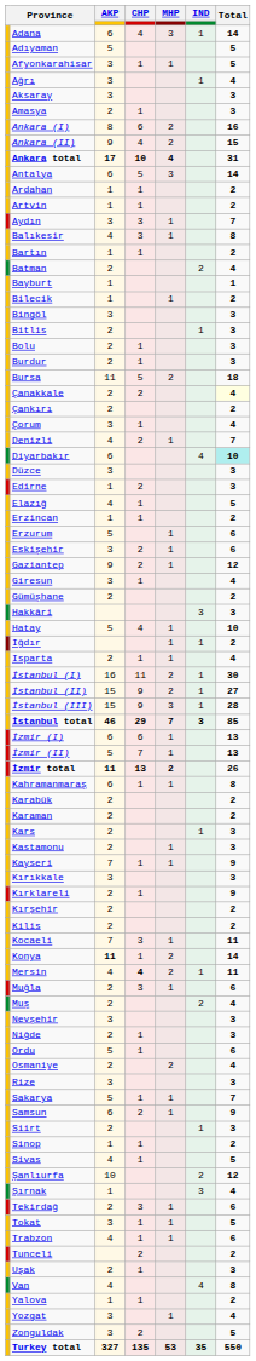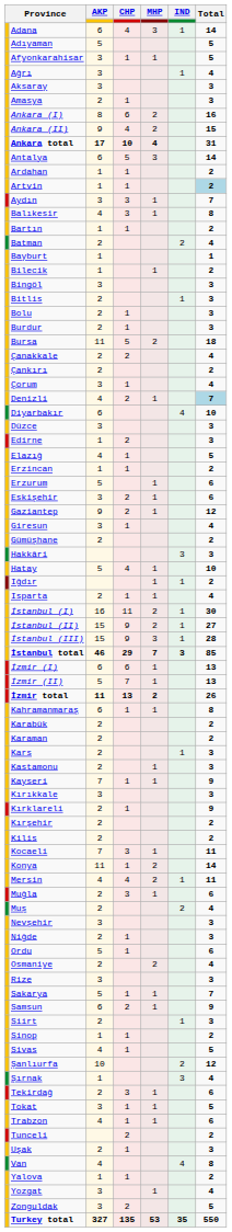 <table class="wikitable" style="text-align:center">
 <tr>
 <th rowspan="2" colspan="2" style="width: 70px;">Province</th>
 <th style="width: 35px;"><a href='#'>AKP</a></th>
 <th style="width: 35px;"><a href='#'>CHP</a></th>
 <th style="width: 35px;"><a href='#'>MHP</a></th>
 <th style="width: 35px;"><a href='#'>IND</a></th>
 <th rowspan="2">Total</th>
 </tr>
 <tr>
 <th style="background: #fdc400"></th>
 <th style="background: #d40000"></th>
 <th style="background: #870000"></th>
 <th style="background: #008A2E"></th>
 </tr>
 <tr>
 <td style="background: #fdc400"></td>
 <td style="text-align:left"><a href='#'>Adana</a></td>
 <td style="background:#FFF9E6;">6</td>
 <td style="background:#FBE6E6;">4</td>
 <td style="background:#F3E6E6;">3</td>
 <td style="background:#E6F3EA;">1</td>
 <td><strong>14</strong></td>
 </tr>
 <tr>
 <td style="background: #fdc400"></td>
 <td style="text-align:left"><a href='#'>Adıyaman</a></td>
 <td style="background:#FFF9E6;">5</td>
 <td style="background:#FBE6E6;"></td>
 <td style="background:#F3E6E6;"></td>
 <td style="background:#E6F3EA;"></td>
 <td><strong>5</strong></td>
 </tr>
 <tr>
 <td style="background: #fdc400"></td>
 <td style="text-align:left"><a href='#'>Afyonkarahisar</a></td>
 <td style="background:#FFF9E6;">3</td>
 <td style="background:#FBE6E6;">1</td>
 <td style="background:#F3E6E6;">1</td>
 <td style="background:#E6F3EA;"></td>
 <td><strong>5</strong></td>
 </tr>
 <tr>
 <td style="background: #fdc400"></td>
 <td style="text-align:left"><a href='#'>Ağrı</a></td>
 <td style="background:#FFF9E6;">3</td>
 <td style="background:#FBE6E6;"></td>
 <td style="background:#F3E6E6;"></td>
 <td style="background:#E6F3EA;">1</td>
 <td><strong>4</strong></td>
 </tr>
 <tr>
 <td style="background: #fdc400"></td>
 <td style="text-align:left"><a href='#'>Aksaray</a></td>
 <td style="background:#FFF9E6;">3</td>
 <td style="background:#FBE6E6;"></td>
 <td style="background:#F3E6E6;"></td>
 <td style="background:#E6F3EA;"></td>
 <td><strong>3</strong></td>
 </tr>
 <tr>
 <td style="background: #fdc400"></td>
 <td style="text-align:left"><a href='#'>Amasya</a></td>
 <td style="background:#FFF9E6;">2</td>
 <td style="background:#FBE6E6;">1</td>
 <td style="background:#F3E6E6;"></td>
 <td style="background:#E6F3EA;"></td>
 <td><strong>3</strong></td>
 </tr>
 <tr>
 <td style="background: #fdc400"></td>
 <td style="text-align:left"><em><a href='#'>Ankara (I)</a></em></td>
 <td style="background:#FFF9E6;">8</td>
 <td style="background:#FBE6E6;">6</td>
 <td style="background:#F3E6E6;">2</td>
 <td style="background:#E6F3EA;"></td>
 <td><strong>16</strong></td>
 </tr>
 <tr>
 <td style="background: #fdc400"></td>
 <td style="text-align:left"><em><a href='#'>Ankara (II)</a></em></td>
 <td style="background:#FFF9E6;">9</td>
 <td style="background:#FBE6E6;">4</td>
 <td style="background:#F3E6E6;">2</td>
 <td style="background:#E6F3EA;"></td>
 <td><strong>15</strong></td>
 </tr>
 <tr style="font-weight:bold">
 <td style="background: #fdc400"></td>
 <td style="text-align:left"><a href='#'>Ankara</a> total</td>
 <td style="background:#FFF9E6;">17</td>
 <td style="background:#FBE6E6;">10</td>
 <td style="background:#F3E6E6;">4</td>
 <td style="background:#E6F3EA;"></td>
 <td>31</td>
 </tr>
 <tr>
 <td style="background: #fdc400"></td>
 <td style="text-align:left"><a href='#'>Antalya</a></td>
 <td style="background:#FFF9E6;">6</td>
 <td style="background:#FBE6E6;">5</td>
 <td style="background:#F3E6E6;">3</td>
 <td style="background:#E6F3EA;"></td>
 <td><strong>14</strong></td>
 </tr>
 <tr>
 <td style="background: #fdc400"></td>
 <td style="text-align:left"><a href='#'>Ardahan</a></td>
 <td style="background:#FFF9E6;">1</td>
 <td style="background:#FBE6E6;">1</td>
 <td style="background:#F3E6E6;"></td>
 <td style="background:#E6F3EA;"></td>
 <td><strong>2</strong></td>
 </tr>
 <tr>
 <td style="background: #fdc400"></td>
 <td style="text-align:left"><a href='#'>Artvin</a></td>
 <td style="background:#FFF9E6;">1</td>
 <td style="background:#FBE6E6;">1</td>
 <td style="background:#F3E6E6;"></td>
 <td style="background:#E6F3EA;"></td>
-<td><strong>2</strong></td>
+<td style="background: lightblue;"><strong>2</strong></td>
 </tr>
 <tr>
 <td style="background: #d40000"></td>
 <td style="text-align:left"><a href='#'>Aydın</a></td>
 <td style="background:#FFF9E6;">3</td>
 <td style="background:#FBE6E6;">3</td>
 <td style="background:#F3E6E6;">1</td>
 <td style="background:#E6F3EA;"></td>
 <td><strong>7</strong></td>
 </tr>
 <tr>
 <td style="background: #fdc400"></td>
 <td style="text-align:left"><a href='#'>Balıkesir</a></td>
 <td style="background:#FFF9E6;">4</td>
 <td style="background:#FBE6E6;">3</td>
 <td style="background:#F3E6E6;">1</td>
 <td style="background:#E6F3EA;"></td>
 <td><strong>8</strong></td>
 </tr>
 <tr>
 <td style="background: #fdc400"></td>
 <td style="text-align:left"><a href='#'>Bartın</a></td>
 <td style="background:#FFF9E6;">1</td>
 <td style="background:#FBE6E6;">1</td>
 <td style="background:#F3E6E6;"></td>
 <td style="background:#E6F3EA;"></td>
 <td><strong>2</strong></td>
 </tr>
 <tr>
 <td style="background: #008A2E"></td>
 <td style="text-align:left"><a href='#'>Batman</a></td>
 <td style="background:#FFF9E6;">2</td>
 <td style="background:#FBE6E6;"></td>
 <td style="background:#F3E6E6;"></td>
 <td style="background:#E6F3EA;">2</td>
 <td><strong>4</strong></td>
 </tr>
 <tr>
 <td style="background: #fdc400"></td>
 <td style="text-align:left"><a href='#'>Bayburt</a></td>
 <td style="background:#FFF9E6;">1</td>
 <td style="background:#FBE6E6;"></td>
 <td style="background:#F3E6E6;"></td>
 <td style="background:#E6F3EA;"></td>
 <td><strong>1</strong></td>
 </tr>
 <tr>
 <td style="background: #fdc400"></td>
 <td style="text-align:left"><a href='#'>Bilecik</a></td>
 <td style="background:#FFF9E6;">1</td>
 <td style="background:#FBE6E6;"></td>
 <td style="background:#F3E6E6;">1</td>
 <td style="background:#E6F3EA;"></td>
 <td><strong>2</strong></td>
 </tr>
 <tr>
 <td style="background: #fdc400"></td>
 <td style="text-align:left"><a href='#'>Bingöl</a></td>
 <td style="background:#FFF9E6;">3</td>
 <td style="background:#FBE6E6;"></td>
 <td style="background:#F3E6E6;"></td>
 <td style="background:#E6F3EA;"></td>
 <td><strong>3</strong></td>
 </tr>
 <tr>
 <td style="background: #fdc400"></td>
 <td style="text-align:left"><a href='#'>Bitlis</a></td>
 <td style="background:#FFF9E6;">2</td>
 <td style="background:#FBE6E6;"></td>
 <td style="background:#F3E6E6;"></td>
 <td style="background:#E6F3EA;">1</td>
 <td><strong>3</strong></td>
 </tr>
 <tr>
 <td style="background: #fdc400"></td>
 <td style="text-align:left"><a href='#'>Bolu</a></td>
 <td style="background:#FFF9E6;">2</td>
 <td style="background:#FBE6E6;">1</td>
 <td style="background:#F3E6E6;"></td>
 <td style="background:#E6F3EA;"></td>
 <td><strong>3</strong></td>
 </tr>
 <tr>
 <td style="background: #fdc400"></td>
 <td style="text-align:left"><a href='#'>Burdur</a></td>
 <td style="background:#FFF9E6;">2</td>
 <td style="background:#FBE6E6;">1</td>
 <td style="background:#F3E6E6;"></td>
 <td style="background:#E6F3EA;"></td>
 <td><strong>3</strong></td>
 </tr>
 <tr>
 <td style="background: #fdc400"></td>
 <td style="text-align:left"><a href='#'>Bursa</a></td>
 <td style="background:#FFF9E6;">11</td>
 <td style="background:#FBE6E6;">5</td>
 <td style="background:#F3E6E6;">2</td>
 <td style="background:#E6F3EA;"></td>
 <td><strong>18</strong></td>
 </tr>
 <tr>
 <td style="background: #fdc400"></td>
 <td style="text-align:left"><a href='#'>Çanakkale</a></td>
 <td style="background:#FFF9E6;">2</td>
 <td style="background:#FBE6E6;">2</td>
 <td style="background:#F3E6E6;"></td>
 <td style="background:#E6F3EA;"></td>
-<td style="background: lightyellow;"><strong>4</strong></td>
+<td><strong>4</strong></td>
 </tr>
 <tr>
 <td style="background: #fdc400"></td>
 <td style="text-align:left"><a href='#'>Çankırı</a></td>
 <td style="background:#FFF9E6;">2</td>
 <td style="background:#FBE6E6;"></td>
 <td style="background:#F3E6E6;"></td>
 <td style="background:#E6F3EA;"></td>
 <td><strong>2</strong></td>
 </tr>
 <tr>
 <td style="background: #fdc400"></td>
 <td style="text-align:left"><a href='#'>Çorum</a></td>
 <td style="background:#FFF9E6;">3</td>
 <td style="background:#FBE6E6;">1</td>
 <td style="background:#F3E6E6;"></td>
 <td style="background:#E6F3EA;"></td>
 <td><strong>4</strong></td>
 </tr>
 <tr>
 <td style="background: #fdc400"></td>
 <td style="text-align:left"><a href='#'>Denizli</a></td>
 <td style="background:#FFF9E6;">4</td>
 <td style="background:#FBE6E6;">2</td>
 <td style="background:#F3E6E6;">1</td>
 <td style="background:#E6F3EA;"></td>
-<td><strong>7</strong></td>
+<td style="background: lightblue;"><strong>7</strong></td>
 </tr>
 <tr>
 <td style="background: #008A2E"></td>
 <td style="text-align:left"><a href='#'>Diyarbakır</a></td>
 <td style="background:#FFF9E6;">6</td>
 <td style="background:#FBE6E6;"></td>
 <td style="background:#F3E6E6;"></td>
 <td style="background:#E6F3EA;">4</td>
-<td style="background: paleturquoise;"><strong>10</strong></td>
+<td><strong>10</strong></td>
 </tr>
 <tr>
 <td style="background: #fdc400"></td>
 <td style="text-align:left"><a href='#'>Düzce</a></td>
 <td style="background:#FFF9E6;">3</td>
 <td style="background:#FBE6E6;"></td>
 <td style="background:#F3E6E6;"></td>
 <td style="background:#E6F3EA;"></td>
 <td><strong>3</strong></td>
 </tr>
 <tr>
 <td style="background: #d40000"></td>
 <td style="text-align:left"><a href='#'>Edirne</a></td>
 <td style="background:#FFF9E6;">1</td>
 <td style="background:#FBE6E6;">2</td>
 <td style="background:#F3E6E6;"></td>
 <td style="background:#E6F3EA;"></td>
 <td><strong>3</strong></td>
 </tr>
 <tr>
 <td style="background: #fdc400"></td>
 <td style="text-align:left"><a href='#'>Elazığ</a></td>
 <td style="background:#FFF9E6;">4</td>
 <td style="background:#FBE6E6;">1</td>
 <td style="background:#F3E6E6;"></td>
 <td style="background:#E6F3EA;"></td>
 <td><strong>5</strong></td>
 </tr>
 <tr>
 <td style="background: #fdc400"></td>
 <td style="text-align:left"><a href='#'>Erzincan</a></td>
 <td style="background:#FFF9E6;">1</td>
 <td style="background:#FBE6E6;">1</td>
 <td style="background:#F3E6E6;"></td>
 <td style="background:#E6F3EA;"></td>
 <td><strong>2</strong></td>
 </tr>
 <tr>
 <td style="background: #fdc400"></td>
 <td style="text-align:left"><a href='#'>Erzurum</a></td>
 <td style="background:#FFF9E6;">5</td>
 <td style="background:#FBE6E6;"></td>
 <td style="background:#F3E6E6;">1</td>
 <td style="background:#E6F3EA;"></td>
 <td><strong>6</strong></td>
 </tr>
 <tr>
 <td style="background: #fdc400"></td>
 <td style="text-align:left"><a href='#'>Eskişehir</a></td>
 <td style="background:#FFF9E6;">3</td>
 <td style="background:#FBE6E6;">2</td>
 <td style="background:#F3E6E6;">1</td>
 <td style="background:#E6F3EA;"></td>
 <td><strong>6</strong></td>
 </tr>
 <tr>
 <td style="background: #fdc400"></td>
 <td style="text-align:left"><a href='#'>Gaziantep</a></td>
 <td style="background:#FFF9E6;">9</td>
 <td style="background:#FBE6E6;">2</td>
 <td style="background:#F3E6E6;">1</td>
 <td style="background:#E6F3EA;"></td>
 <td><strong>12</strong></td>
 </tr>
 <tr>
 <td style="background: #fdc400"></td>
 <td style="text-align:left"><a href='#'>Giresun</a></td>
 <td style="background:#FFF9E6;">3</td>
 <td style="background:#FBE6E6;">1</td>
 <td style="background:#F3E6E6;"></td>
 <td style="background:#E6F3EA;"></td>
 <td><strong>4</strong></td>
 </tr>
 <tr>
 <td style="background: #fdc400"></td>
 <td style="text-align:left"><a href='#'>Gümüşhane</a></td>
 <td style="background:#FFF9E6;">2</td>
 <td style="background:#FBE6E6;"></td>
 <td style="background:#F3E6E6;"></td>
 <td style="background:#E6F3EA;"></td>
 <td><strong>2</strong></td>
 </tr>
 <tr>
 <td style="background: #008A2E"></td>
 <td style="text-align:left"><a href='#'>Hakkâri</a></td>
 <td style="background:#FFF9E6;"></td>
 <td style="background:#FBE6E6;"></td>
 <td style="background:#F3E6E6;"></td>
 <td style="background:#E6F3EA;">3</td>
 <td><strong>3</strong></td>
 </tr>
 <tr>
 <td style="background: #fdc400"></td>
 <td style="text-align:left"><a href='#'>Hatay</a></td>
 <td style="background:#FFF9E6;">5</td>
 <td style="background:#FBE6E6;">4</td>
 <td style="background:#F3E6E6;">1</td>
 <td style="background:#E6F3EA;"></td>
 <td><strong>10</strong></td>
 </tr>
 <tr>
 <td style="background: #870000"></td>
 <td style="text-align:left"><a href='#'>Iğdır</a></td>
 <td style="background:#FFF9E6;"></td>
 <td style="background:#FBE6E6;"></td>
 <td style="background:#F3E6E6;">1</td>
 <td style="background:#E6F3EA;">1</td>
 <td><strong>2</strong></td>
 </tr>
 <tr>
 <td style="background: #fdc400"></td>
 <td style="text-align:left"><a href='#'>Isparta</a></td>
 <td style="background:#FFF9E6;">2</td>
 <td style="background:#FBE6E6;">1</td>
 <td style="background:#F3E6E6;">1</td>
 <td style="background:#E6F3EA;"></td>
 <td><strong>4</strong></td>
 </tr>
 <tr>
 <td style="background: #fdc400"></td>
 <td style="text-align:left"><em><a href='#'>İstanbul (I)</a></em></td>
 <td style="background:#FFF9E6;">16</td>
 <td style="background:#FBE6E6;">11</td>
 <td style="background:#F3E6E6;">2</td>
 <td style="background:#E6F3EA;">1</td>
 <td><strong>30</strong></td>
 </tr>
 <tr>
 <td style="background: #fdc400"></td>
 <td style="text-align:left"><em><a href='#'>İstanbul (II)</a></em></td>
 <td style="background:#FFF9E6;">15</td>
 <td style="background:#FBE6E6;">9</td>
 <td style="background:#F3E6E6;">2</td>
 <td style="background:#E6F3EA;">1</td>
 <td><strong>27</strong></td>
 </tr>
 <tr>
 <td style="background: #fdc400"></td>
 <td style="text-align:left"><em><a href='#'>İstanbul (III)</a></em></td>
 <td style="background:#FFF9E6;">15</td>
 <td style="background:#FBE6E6;">9</td>
 <td style="background:#F3E6E6;">3</td>
 <td style="background:#E6F3EA;">1</td>
 <td><strong>28</strong></td>
 </tr>
 <tr style="font-weight:bold">
 <td style="background: #fdc400"></td>
 <td style="text-align:left"><a href='#'>İstanbul</a> total</td>
 <td style="background:#FFF9E6;">46</td>
 <td style="background:#FBE6E6;">29</td>
 <td style="background:#F3E6E6;">7</td>
 <td style="background:#E6F3EA;">3</td>
 <td>85</td>
 </tr>
 <tr>
 <td style="background: #d40000"></td>
 <td style="text-align:left"><em><a href='#'>İzmir (I)</a></em></td>
 <td style="background:#FFF9E6;">6</td>
 <td style="background:#FBE6E6;">6</td>
 <td style="background:#F3E6E6;">1</td>
 <td style="background:#E6F3EA;"></td>
 <td><strong>13</strong></td>
 </tr>
 <tr>
 <td style="background: #d40000"></td>
 <td style="text-align:left"><em><a href='#'>İzmir (II)</a></em></td>
 <td style="background:#FFF9E6;">5</td>
 <td style="background:#FBE6E6;">7</td>
 <td style="background:#F3E6E6;">1</td>
 <td style="background:#E6F3EA;"></td>
 <td><strong>13</strong></td>
 </tr>
 <tr style="font-weight:bold">
 <td style="background: #d40000"></td>
 <td style="text-align:left"><a href='#'>İzmir</a> total</td>
 <td style="background:#FFF9E6;">11</td>
 <td style="background:#FBE6E6;">13</td>
 <td style="background:#F3E6E6;">2</td>
 <td style="background:#E6F3EA;"></td>
 <td>26</td>
 </tr>
 <tr>
 <td style="background: #fdc400"></td>
 <td style="text-align:left"><a href='#'>Kahramanmaraş</a></td>
 <td style="background:#FFF9E6;">6</td>
 <td style="background:#FBE6E6;">1</td>
 <td style="background:#F3E6E6;">1</td>
 <td style="background:#E6F3EA;"></td>
 <td><strong>8</strong></td>
 </tr>
 <tr>
 <td style="background: #fdc400"></td>
 <td style="text-align:left"><a href='#'>Karabük</a></td>
 <td style="background:#FFF9E6;">2</td>
 <td style="background:#FBE6E6;"></td>
 <td style="background:#F3E6E6;"></td>
 <td style="background:#E6F3EA;"></td>
 <td><strong>2</strong></td>
 </tr>
 <tr>
 <td style="background: #fdc400"></td>
 <td style="text-align:left"><a href='#'>Karaman</a></td>
 <td style="background:#FFF9E6;">2</td>
 <td style="background:#FBE6E6;"></td>
 <td style="background:#F3E6E6;"></td>
 <td style="background:#E6F3EA;"></td>
 <td><strong>2</strong></td>
 </tr>
 <tr>
 <td style="background: #fdc400"></td>
 <td style="text-align:left"><a href='#'>Kars</a></td>
 <td style="background:#FFF9E6;">2</td>
 <td style="background:#FBE6E6;"></td>
 <td style="background:#F3E6E6;"></td>
 <td style="background:#E6F3EA;">1</td>
 <td><strong>3</strong></td>
 </tr>
 <tr>
 <td style="background: #fdc400"></td>
 <td style="text-align:left"><a href='#'>Kastamonu</a></td>
 <td style="background:#FFF9E6;">2</td>
 <td style="background:#FBE6E6;"></td>
 <td style="background:#F3E6E6;">1</td>
 <td style="background:#E6F3EA;"></td>
 <td><strong>3</strong></td>
 </tr>
 <tr>
 <td style="background: #fdc400"></td>
 <td style="text-align:left"><a href='#'>Kayseri</a></td>
 <td style="background:#FFF9E6;">7</td>
 <td style="background:#FBE6E6;">1</td>
 <td style="background:#F3E6E6;">1</td>
 <td style="background:#E6F3EA;"></td>
 <td><strong>9</strong></td>
 </tr>
 <tr>
 <td style="background: #fdc400"></td>
 <td style="text-align:left"><a href='#'>Kırıkkale</a></td>
 <td style="background:#FFF9E6;">3</td>
 <td style="background:#FBE6E6;"></td>
 <td style="background:#F3E6E6;"></td>
 <td style="background:#E6F3EA;"></td>
 <td><strong>3</strong></td>
 </tr>
 <tr>
 <td style="background: #d40000"></td>
 <td style="text-align:left"><a href='#'>Kırklareli</a></td>
 <td style="background:#FFF9E6;">2</td>
 <td style="background:#FBE6E6;">1</td>
 <td style="background:#F3E6E6;"></td>
 <td style="background:#E6F3EA;"></td>
 <td><strong>9</strong></td>
 </tr>
 <tr>
 <td style="background: #fdc400"></td>
 <td style="text-align:left"><a href='#'>Kırşehir</a></td>
 <td style="background:#FFF9E6;">2</td>
 <td style="background:#FBE6E6;"></td>
 <td style="background:#F3E6E6;"></td>
 <td style="background:#E6F3EA;"></td>
 <td><strong>2</strong></td>
 </tr>
 <tr>
 <td style="background: #fdc400"></td>
 <td style="text-align:left"><a href='#'>Kilis</a></td>
 <td style="background:#FFF9E6;">2</td>
 <td style="background:#FBE6E6;"></td>
 <td style="background:#F3E6E6;"></td>
 <td style="background:#E6F3EA;"></td>
 <td><strong>2</strong></td>
 </tr>
 <tr>
 <td style="background: #fdc400"></td>
 <td style="text-align:left"><a href='#'>Kocaeli</a></td>
 <td style="background:#FFF9E6;">7</td>
 <td style="background:#FBE6E6;">3</td>
 <td style="background:#F3E6E6;">1</td>
 <td style="background:#E6F3EA;"></td>
 <td><strong>11</strong></td>
 </tr>
 <tr>
 <td style="background: #fdc400"></td>
 <td style="text-align:left"><a href='#'>Konya</a></td>
-<td style="background:#FFF9E6;"><strong>11</strong></td>
+<td style="background:#FFF9E6;">11</td>
 <td style="background:#FBE6E6;">1</td>
 <td style="background:#F3E6E6;">2</td>
 <td style="background:#E6F3EA;"></td>
 <td><strong>14</strong></td>
 </tr>
 <tr>
 <td style="background: #fdc400"></td>
 <td style="text-align:left"><a href='#'>Mersin</a></td>
 <td style="background:#FFF9E6;">4</td>
-<td style="background:#FBE6E6;"><strong>4</strong></td>
+<td style="background:#FBE6E6;">4</td>
 <td style="background:#F3E6E6;">2</td>
 <td style="background:#E6F3EA;">1</td>
 <td><strong>11</strong></td>
 </tr>
 <tr>
 <td style="background: #d40000"></td>
 <td style="text-align:left"><a href='#'>Muğla</a></td>
 <td style="background:#FFF9E6;">2</td>
 <td style="background:#FBE6E6;">3</td>
 <td style="background:#F3E6E6;">1</td>
 <td style="background:#E6F3EA;"></td>
 <td><strong>6</strong></td>
 </tr>
 <tr>
 <td style="background: #008A2E"></td>
 <td style="text-align:left"><a href='#'>Muş</a></td>
 <td style="background:#FFF9E6;">2</td>
 <td style="background:#FBE6E6;"></td>
 <td style="background:#F3E6E6;"></td>
 <td style="background:#E6F3EA;">2</td>
 <td><strong>4</strong></td>
 </tr>
 <tr>
 <td style="background: #fdc400"></td>
 <td style="text-align:left"><a href='#'>Nevşehir</a></td>
 <td style="background:#FFF9E6;">3</td>
 <td style="background:#FBE6E6;"></td>
 <td style="background:#F3E6E6;"></td>
 <td style="background:#E6F3EA;"></td>
 <td><strong>3</strong></td>
 </tr>
 <tr>
 <td style="background: #fdc400"></td>
 <td style="text-align:left"><a href='#'>Niğde</a></td>
 <td style="background:#FFF9E6;">2</td>
 <td style="background:#FBE6E6;">1</td>
 <td style="background:#F3E6E6;"></td>
 <td style="background:#E6F3EA;"></td>
 <td><strong>3</strong></td>
 </tr>
 <tr>
 <td style="background: #fdc400"></td>
 <td style="text-align:left"><a href='#'>Ordu</a></td>
 <td style="background:#FFF9E6;">5</td>
 <td style="background:#FBE6E6;">1</td>
 <td style="background:#F3E6E6;"></td>
 <td style="background:#E6F3EA;"></td>
 <td><strong>6</strong></td>
 </tr>
 <tr>
 <td style="background: #fdc400"></td>
 <td style="text-align:left"><a href='#'>Osmaniye</a></td>
 <td style="background:#FFF9E6;">2</td>
 <td style="background:#FBE6E6;"></td>
 <td style="background:#F3E6E6;">2</td>
 <td style="background:#E6F3EA;"></td>
 <td><strong>4</strong></td>
 </tr>
 <tr>
 <td style="background: #fdc400"></td>
 <td style="text-align:left"><a href='#'>Rize</a></td>
 <td style="background:#FFF9E6;">3</td>
 <td style="background:#FBE6E6;"></td>
 <td style="background:#F3E6E6;"></td>
 <td style="background:#E6F3EA;"></td>
 <td><strong>3</strong></td>
 </tr>
 <tr>
 <td style="background: #fdc400"></td>
 <td style="text-align:left"><a href='#'>Sakarya</a></td>
 <td style="background:#FFF9E6;">5</td>
 <td style="background:#FBE6E6;">1</td>
 <td style="background:#F3E6E6;">1</td>
 <td style="background:#E6F3EA;"></td>
 <td><strong>7</strong></td>
 </tr>
 <tr>
 <td style="background: #fdc400"></td>
 <td style="text-align:left"><a href='#'>Samsun</a></td>
 <td style="background:#FFF9E6;">6</td>
 <td style="background:#FBE6E6;">2</td>
 <td style="background:#F3E6E6;">1</td>
 <td style="background:#E6F3EA;"></td>
 <td><strong>9</strong></td>
 </tr>
 <tr>
 <td style="background: #fdc400"></td>
 <td style="text-align:left"><a href='#'>Siirt</a></td>
 <td style="background:#FFF9E6;">2</td>
 <td style="background:#FBE6E6;"></td>
 <td style="background:#F3E6E6;"></td>
 <td style="background:#E6F3EA;">1</td>
 <td><strong>3</strong></td>
 </tr>
 <tr>
 <td style="background: #fdc400"></td>
 <td style="text-align:left"><a href='#'>Sinop</a></td>
 <td style="background:#FFF9E6;">1</td>
 <td style="background:#FBE6E6;">1</td>
 <td style="background:#F3E6E6;"></td>
 <td style="background:#E6F3EA;"></td>
 <td><strong>2</strong></td>
 </tr>
 <tr>
 <td style="background: #fdc400"></td>
 <td style="text-align:left"><a href='#'>Sivas</a></td>
 <td style="background:#FFF9E6;">4</td>
 <td style="background:#FBE6E6;">1</td>
 <td style="background:#F3E6E6;"></td>
 <td style="background:#E6F3EA;"></td>
 <td><strong>5</strong></td>
 </tr>
 <tr>
 <td style="background: #fdc400"></td>
 <td style="text-align:left"><a href='#'>Şanlıurfa</a></td>
 <td style="background:#FFF9E6;">10</td>
 <td style="background:#FBE6E6;"></td>
 <td style="background:#F3E6E6;"></td>
 <td style="background:#E6F3EA;">2</td>
 <td><strong>12</strong></td>
 </tr>
 <tr>
 <td style="background: #008A2E"></td>
 <td style="text-align:left"><a href='#'>Şırnak</a></td>
 <td style="background:#FFF9E6;">1</td>
 <td style="background:#FBE6E6;"></td>
 <td style="background:#F3E6E6;"></td>
 <td style="background:#E6F3EA;">3</td>
 <td><strong>4</strong></td>
 </tr>
 <tr>
 <td style="background: #d40000"></td>
 <td style="text-align:left"><a href='#'>Tekirdağ</a></td>
 <td style="background:#FFF9E6;">2</td>
 <td style="background:#FBE6E6;">3</td>
 <td style="background:#F3E6E6;">1</td>
 <td style="background:#E6F3EA;"></td>
 <td><strong>6</strong></td>
 </tr>
 <tr>
 <td style="background: #fdc400"></td>
 <td style="text-align:left"><a href='#'>Tokat</a></td>
 <td style="background:#FFF9E6;">3</td>
 <td style="background:#FBE6E6;">1</td>
 <td style="background:#F3E6E6;">1</td>
 <td style="background:#E6F3EA;"></td>
 <td><strong>5</strong></td>
 </tr>
 <tr>
 <td style="background: #fdc400"></td>
 <td style="text-align:left"><a href='#'>Trabzon</a></td>
 <td style="background:#FFF9E6;">4</td>
 <td style="background:#FBE6E6;">1</td>
 <td style="background:#F3E6E6;">1</td>
 <td style="background:#E6F3EA;"></td>
 <td><strong>6</strong></td>
 </tr>
 <tr>
 <td style="background: #d40000"></td>
 <td style="text-align:left"><a href='#'>Tunceli</a></td>
 <td style="background:#FFF9E6;"></td>
 <td style="background:#FBE6E6;">2</td>
 <td style="background:#F3E6E6;"></td>
 <td style="background:#E6F3EA;"></td>
 <td><strong>2</strong></td>
 </tr>
 <tr>
 <td style="background: #fdc400"></td>
 <td style="text-align:left"><a href='#'>Uşak</a></td>
 <td style="background:#FFF9E6;">2</td>
 <td style="background:#FBE6E6;">1</td>
 <td style="background:#F3E6E6;"></td>
 <td style="background:#E6F3EA;"></td>
 <td><strong>3</strong></td>
 </tr>
 <tr>
 <td style="background: #008A2E"></td>
 <td style="text-align:left"><a href='#'>Van</a></td>
 <td style="background:#FFF9E6;">4</td>
 <td style="background:#FBE6E6;"></td>
 <td style="background:#F3E6E6;"></td>
 <td style="background:#E6F3EA;">4</td>
 <td><strong>8</strong></td>
 </tr>
 <tr>
 <td style="background: #fdc400"></td>
 <td style="text-align:left"><a href='#'>Yalova</a></td>
 <td style="background:#FFF9E6;">1</td>
 <td style="background:#FBE6E6;">1</td>
 <td style="background:#F3E6E6;"></td>
 <td style="background:#E6F3EA;"></td>
 <td><strong>2</strong></td>
 </tr>
 <tr>
 <td style="background: #fdc400"></td>
 <td style="text-align:left"><a href='#'>Yozgat</a></td>
 <td style="background:#FFF9E6;">3</td>
 <td style="background:#FBE6E6;"></td>
 <td style="background:#F3E6E6;">1</td>
 <td style="background:#E6F3EA;"></td>
 <td><strong>4</strong></td>
 </tr>
 <tr>
 <td style="background: #fdc400"></td>
 <td style="text-align:left"><a href='#'>Zonguldak</a></td>
 <td style="background:#FFF9E6;">3</td>
 <td style="background:#FBE6E6;">2</td>
 <td style="background:#F3E6E6;"></td>
 <td style="background:#E6F3EA;"></td>
 <td><strong>5</strong></td>
 </tr>
 <tr style="font-weight:bold">
 <td style="background: #fdc400"></td>
 <td style="text-align:left"><a href='#'>Turkey</a> total</td>
 <td style="background:#FFF9E6;">327</td>
 <td style="background:#FBE6E6;">135</td>
 <td style="background:#F3E6E6;">53</td>
 <td style="background:#E6F3EA;">35</td>
 <td>550</td>
 </tr>
 </table>
